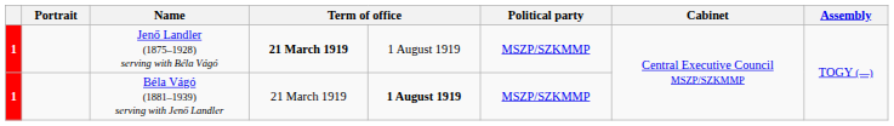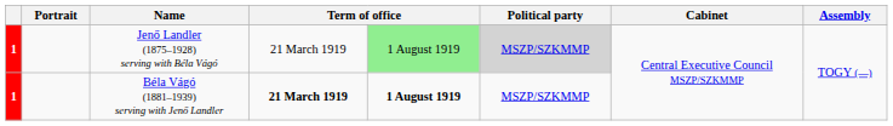 <table class="wikitable" style="width:90%; text-align:center;">
 <tr>
 <th></th>
 <th>Portrait</th>
 <th>Name<br></th>
 <th colspan=2>Term of office</th>
 <th>Political party</th>
 <th>Cabinet</th>
 <th><a href='#'>Assembly</a><br></th>
 </tr>
 <tr>
 <th style="background:Red; color:white;">1</th>
 <td></td>
 <td><a href='#'>Jenő Landler</a><br><small>(1875–1928)<br><em>serving with Béla Vágó</em></small></td>
-<td><strong>21 March 1919</strong></td>
-<td>1 August 1919</td>
-<td><a href='#'>MSZP/SZKMMP</a></td>
+<td>21 March 1919</td>
+<td style="background: lightgreen;">1 August 1919</td>
+<td style="background: lightgrey;"><a href='#'>MSZP/SZKMMP</a></td>
 <td rowspan="2"><a href='#'>Central Executive Council</a><br><small><a href='#'>MSZP/SZKMMP</a></small></td>
 <td rowspan="2"><a href='#'>TOGY <small>(—)</small></a></td>
 </tr>
 <tr>
 <th style="background:Red; color:white;">1</th>
 <td></td>
 <td><a href='#'>Béla Vágó</a><br><small>(1881–1939)<br><em>serving with Jenő Landler</em></small></td>
-<td>21 March 1919</td>
+<td><strong>21 March 1919</strong></td>
 <td><strong>1 August 1919</strong></td>
 <td><a href='#'>MSZP/SZKMMP</a></td>
 </tr>
 </table>
